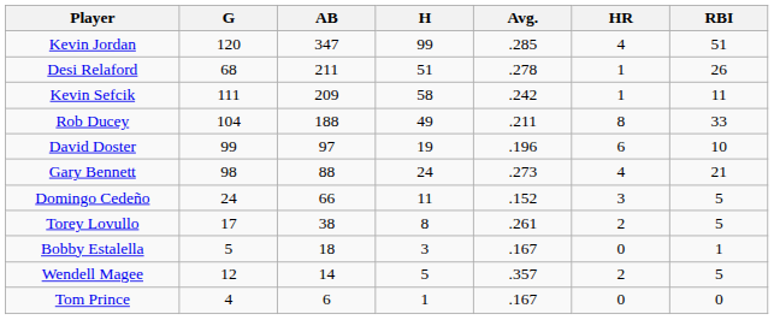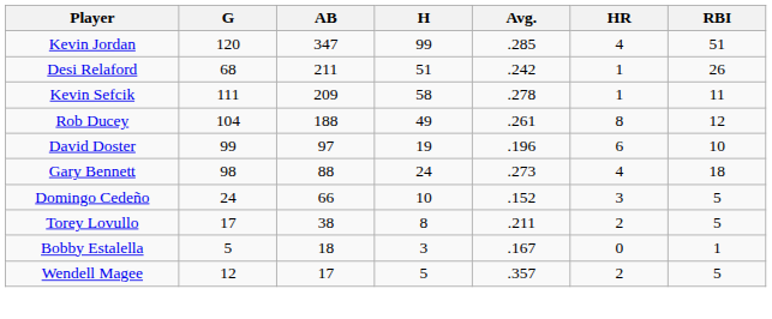 <table class="wikitable sortable">
 <tr>
 <th bgcolor="#DDDDFF" width="16%">Player</th>
 <th bgcolor="#DDDDFF" width="9%">G</th>
 <th bgcolor="#DDDDFF" width="9%">AB</th>
 <th bgcolor="#DDDDFF" width="9%">H</th>
 <th bgcolor="#DDDDFF" width="9%">Avg.</th>
 <th bgcolor="#DDDDFF" width="9%">HR</th>
 <th bgcolor="#DDDDFF" width="9%">RBI</th>
 </tr>
 <tr align=center>
 <td><a href='#'>Kevin Jordan</a></td>
 <td>120</td>
 <td>347</td>
 <td>99</td>
 <td>.285</td>
 <td>4</td>
 <td>51</td>
 </tr>
 <tr align=center>
 <td><a href='#'>Desi Relaford</a></td>
 <td>68</td>
 <td>211</td>
 <td>51</td>
-<td>.278</td>
+<td>.242</td>
 <td>1</td>
 <td>26</td>
 </tr>
 <tr align=center>
 <td><a href='#'>Kevin Sefcik</a></td>
 <td>111</td>
 <td>209</td>
 <td>58</td>
-<td>.242</td>
+<td>.278</td>
 <td>1</td>
 <td>11</td>
 </tr>
 <tr align=center>
 <td><a href='#'>Rob Ducey</a></td>
 <td>104</td>
 <td>188</td>
 <td>49</td>
-<td>.211</td>
+<td>.261</td>
 <td>8</td>
-<td>33</td>
+<td>12</td>
 </tr>
 <tr align=center>
 <td><a href='#'>David Doster</a></td>
 <td>99</td>
 <td>97</td>
 <td>19</td>
 <td>.196</td>
 <td>6</td>
 <td>10</td>
 </tr>
 <tr align=center>
 <td><a href='#'>Gary Bennett</a></td>
 <td>98</td>
 <td>88</td>
 <td>24</td>
 <td>.273</td>
 <td>4</td>
-<td>21</td>
+<td>18</td>
 </tr>
 <tr align=center>
 <td><a href='#'>Domingo Cedeño</a></td>
 <td>24</td>
 <td>66</td>
-<td>11</td>
+<td>10</td>
 <td>.152</td>
 <td>3</td>
 <td>5</td>
 </tr>
 <tr align=center>
 <td><a href='#'>Torey Lovullo</a></td>
 <td>17</td>
 <td>38</td>
 <td>8</td>
-<td>.261</td>
+<td>.211</td>
 <td>2</td>
 <td>5</td>
 </tr>
 <tr align=center>
 <td><a href='#'>Bobby Estalella</a></td>
 <td>5</td>
 <td>18</td>
 <td>3</td>
 <td>.167</td>
 <td>0</td>
 <td>1</td>
 </tr>
 <tr align=center>
 <td><a href='#'>Wendell Magee</a></td>
 <td>12</td>
-<td>14</td>
+<td>17</td>
 <td>5</td>
 <td>.357</td>
 <td>2</td>
 <td>5</td>
 </tr>
-<tr align=center>
-<td><a href='#'>Tom Prince</a></td>
-<td>4</td>
-<td>6</td>
-<td>1</td>
-<td>.167</td>
-<td>0</td>
-<td>0</td>
-</tr>
 </table>
